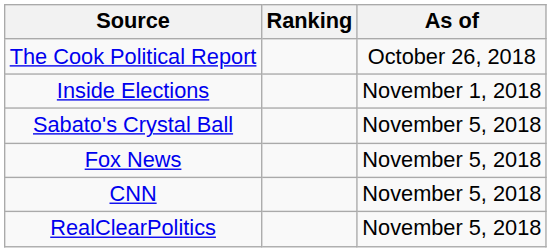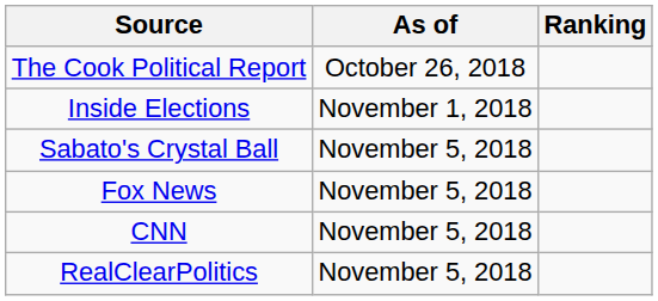 <table class="wikitable" style="text-align:center">
 <tr>
 <th>Source</th>
+<th>As of</th>
 <th>Ranking</th>
-<th>As of</th>
 </tr>
 <tr>
 <td><a href='#'>The Cook Political Report</a></td>
+<td>October 26, 2018</td>
 <td style="background:"></td>
-<td>October 26, 2018</td>
 </tr>
 <tr>
 <td><a href='#'>Inside Elections</a></td>
+<td>November 1, 2018</td>
 <td style="background:"></td>
-<td>November 1, 2018</td>
 </tr>
 <tr>
 <td><a href='#'>Sabato's Crystal Ball</a></td>
+<td>November 5, 2018</td>
 <td style="background:"></td>
-<td>November 5, 2018</td>
 </tr>
 <tr>
 <td><a href='#'>Fox News</a></td>
+<td>November 5, 2018</td>
 <td></td>
-<td>November 5, 2018</td>
 </tr>
 <tr>
 <td><a href='#'>CNN</a></td>
+<td>November 5, 2018</td>
 <td></td>
-<td>November 5, 2018</td>
 </tr>
 <tr>
 <td><a href='#'>RealClearPolitics</a></td>
+<td>November 5, 2018</td>
 <td></td>
-<td>November 5, 2018</td>
 </tr>
 </table>
